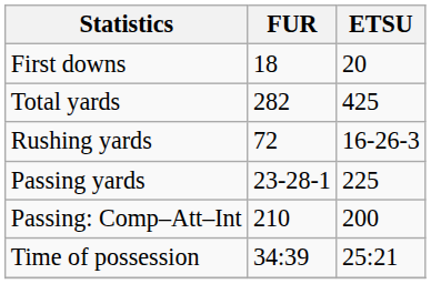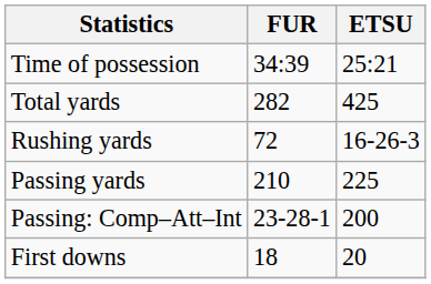 <table class="wikitable" style="float: left;">
 <tr>
 <th>Statistics</th>
 <th>FUR</th>
 <th>ETSU</th>
 </tr>
 <tr>
-<td>First downs</td>
-<td>18</td>
-<td>20</td>
+<td>Time of possession</td>
+<td>34:39</td>
+<td>25:21</td>
 </tr>
 <tr>
 <td>Total yards</td>
 <td>282</td>
 <td>425</td>
 </tr>
 <tr>
 <td>Rushing yards</td>
 <td>72</td>
 <td>16-26-3</td>
 </tr>
 <tr>
 <td>Passing yards</td>
-<td>23-28-1</td>
+<td>210</td>
 <td>225</td>
 </tr>
 <tr>
 <td>Passing: Comp–Att–Int</td>
-<td>210</td>
+<td>23-28-1</td>
 <td>200</td>
 </tr>
 <tr>
-<td>Time of possession</td>
-<td>34:39</td>
-<td>25:21</td>
+<td>First downs</td>
+<td>18</td>
+<td>20</td>
 </tr>
 <tr>
 </tr>
 </table>
